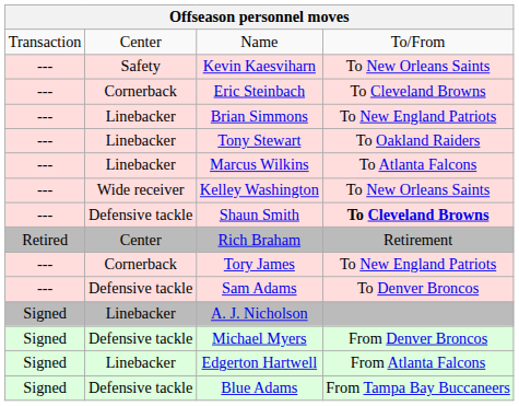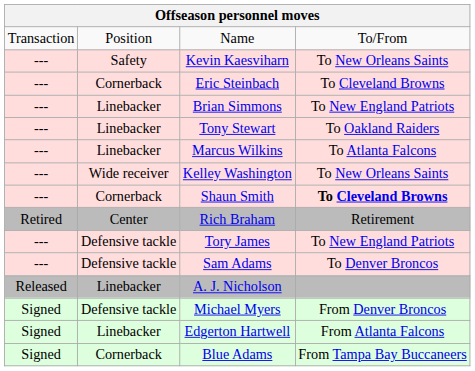 <table class="wikitable">
 <tr>
 <th colspan="60">Offseason personnel moves</th>
 </tr>
 <tr align="center">
 <td>Transaction</td>
-<td>Center</td>
+<td>Position</td>
 <td>Name</td>
 <td>To/From</td>
 </tr>
 <tr align="center" bgcolor="#ffdddd">
 <td>---</td>
 <td>Safety</td>
 <td><a href='#'>Kevin Kaesviharn</a></td>
 <td>To <a href='#'>New Orleans Saints</a></td>
 </tr>
 <tr align="center" bgcolor="#ffdddd">
 <td>---</td>
 <td>Cornerback</td>
 <td><a href='#'>Eric Steinbach</a></td>
 <td>To <a href='#'>Cleveland Browns</a></td>
 </tr>
 <tr align="center" bgcolor="#ffdddd">
 <td>---</td>
 <td>Linebacker</td>
 <td><a href='#'>Brian Simmons</a></td>
 <td>To <a href='#'>New England Patriots</a></td>
 </tr>
 <tr align="center" bgcolor="#ffdddd">
 <td>---</td>
 <td>Linebacker</td>
 <td><a href='#'>Tony Stewart</a></td>
 <td>To <a href='#'>Oakland Raiders</a></td>
 </tr>
 <tr align="center" bgcolor="#ffdddd">
 <td>---</td>
 <td>Linebacker</td>
 <td><a href='#'>Marcus Wilkins</a></td>
 <td>To <a href='#'>Atlanta Falcons</a></td>
 </tr>
 <tr align="center" bgcolor="#ffdddd">
 <td>---</td>
 <td>Wide receiver</td>
 <td><a href='#'>Kelley Washington</a></td>
 <td>To <a href='#'>New Orleans Saints</a></td>
 </tr>
 <tr align="center" bgcolor="#ffdddd">
 <td>---</td>
-<td>Defensive tackle</td>
+<td>Cornerback</td>
 <td><a href='#'>Shaun Smith</a></td>
 <td><strong>To <a href='#'>Cleveland Browns</a></strong></td>
 </tr>
 <tr align="center" bgcolor="#bbbbbb">
 <td>Retired</td>
 <td>Center</td>
 <td><a href='#'>Rich Braham</a></td>
 <td>Retirement</td>
 </tr>
 <tr align="center" bgcolor="#ffdddd">
 <td>---</td>
-<td>Cornerback</td>
+<td>Defensive tackle</td>
 <td><a href='#'>Tory James</a></td>
 <td>To <a href='#'>New England Patriots</a></td>
 </tr>
 <tr align="center" bgcolor="#ffdddd">
 <td>---</td>
 <td>Defensive tackle</td>
 <td><a href='#'>Sam Adams</a></td>
 <td>To <a href='#'>Denver Broncos</a></td>
 </tr>
 <tr align="center" bgcolor="#bbbbbb">
-<td>Signed</td>
+<td>Released</td>
 <td>Linebacker</td>
 <td><a href='#'>A. J. Nicholson</a></td>
 <td></td>
 </tr>
 <tr align="center" bgcolor="#ddffdd">
 <td>Signed</td>
 <td>Defensive tackle</td>
 <td><a href='#'>Michael Myers</a></td>
 <td>From <a href='#'>Denver Broncos</a></td>
 </tr>
 <tr align="center" bgcolor="#ddffdd">
 <td>Signed</td>
 <td>Linebacker</td>
 <td><a href='#'>Edgerton Hartwell</a></td>
 <td>From <a href='#'>Atlanta Falcons</a></td>
 </tr>
 <tr align="center" bgcolor="#ddffdd">
 <td>Signed</td>
-<td>Defensive tackle</td>
+<td>Cornerback</td>
 <td><a href='#'>Blue Adams</a></td>
 <td>From <a href='#'>Tampa Bay Buccaneers</a></td>
 </tr>
 </table>
